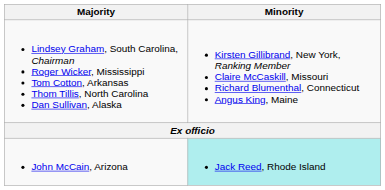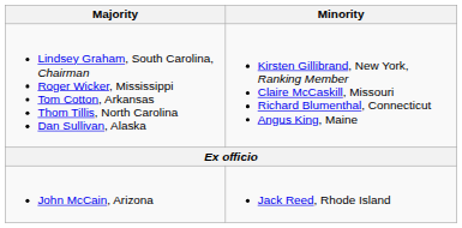 <table class=wikitable>
 <tr>
 <th>Majority</th>
 <th>Minority</th>
 </tr>
 <tr>
 <td><br><ul><li><a href='#'>Lindsey Graham</a>, South Carolina, <em>Chairman</em></li><li><a href='#'>Roger Wicker</a>, Mississippi</li><li><a href='#'>Tom Cotton</a>, Arkansas</li><li><a href='#'>Thom Tillis</a>, North Carolina</li><li><a href='#'>Dan Sullivan</a>, Alaska</li></ul></td>
 <td><br><ul><li><a href='#'>Kirsten Gillibrand</a>, New York, <em>Ranking Member</em></li><li><a href='#'>Claire McCaskill</a>, Missouri</li><li><a href='#'>Richard Blumenthal</a>, Connecticut</li><li><span><a href='#'>Angus King</a>, Maine</span></li></ul></td>
 </tr>
 <tr>
 <th colspan=2><em>Ex officio</em></th>
 </tr>
 <tr>
 <td><br><ul><li><a href='#'>John McCain</a>, Arizona</li></ul></td>
-<td style="background: paleturquoise;"><br><ul><li><a href='#'>Jack Reed</a>, Rhode Island</li></ul></td>
+<td><br><ul><li><a href='#'>Jack Reed</a>, Rhode Island</li></ul></td>
 </tr>
 </table>
